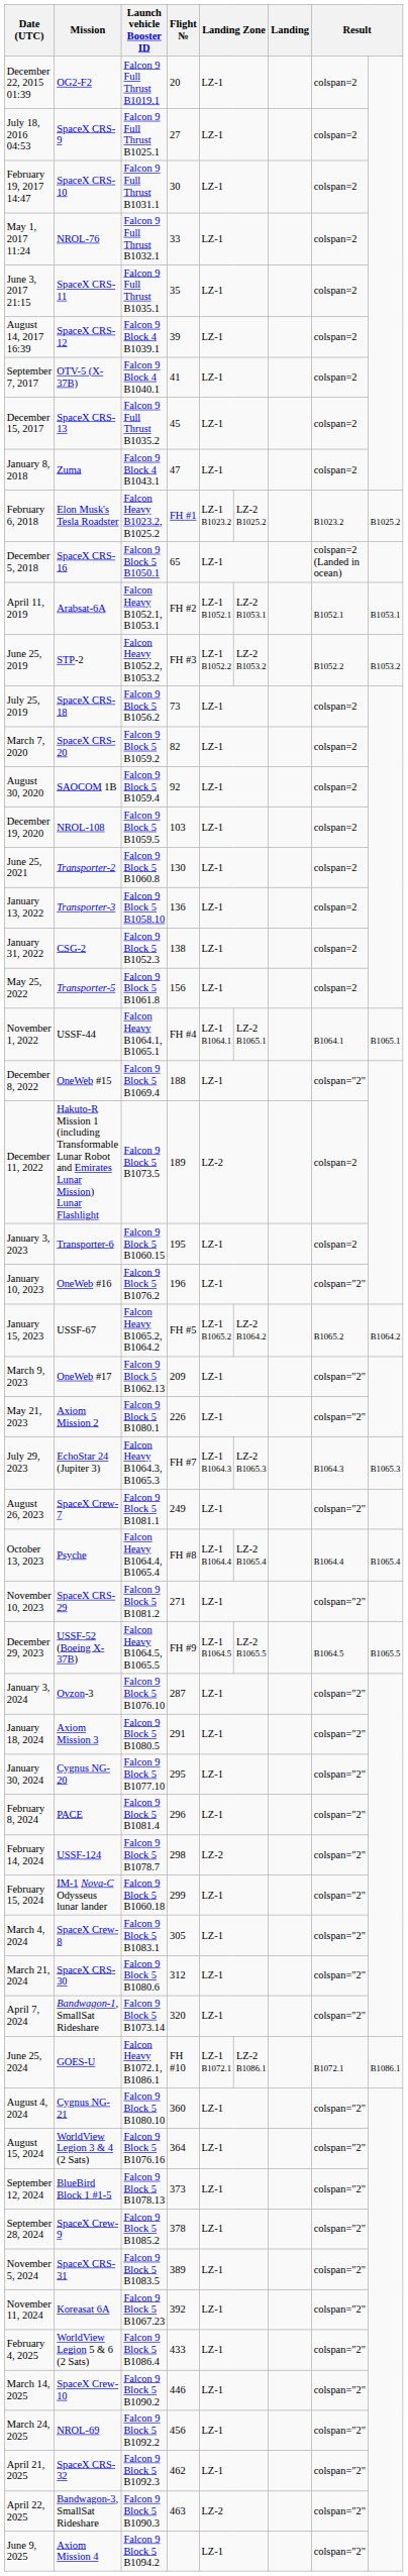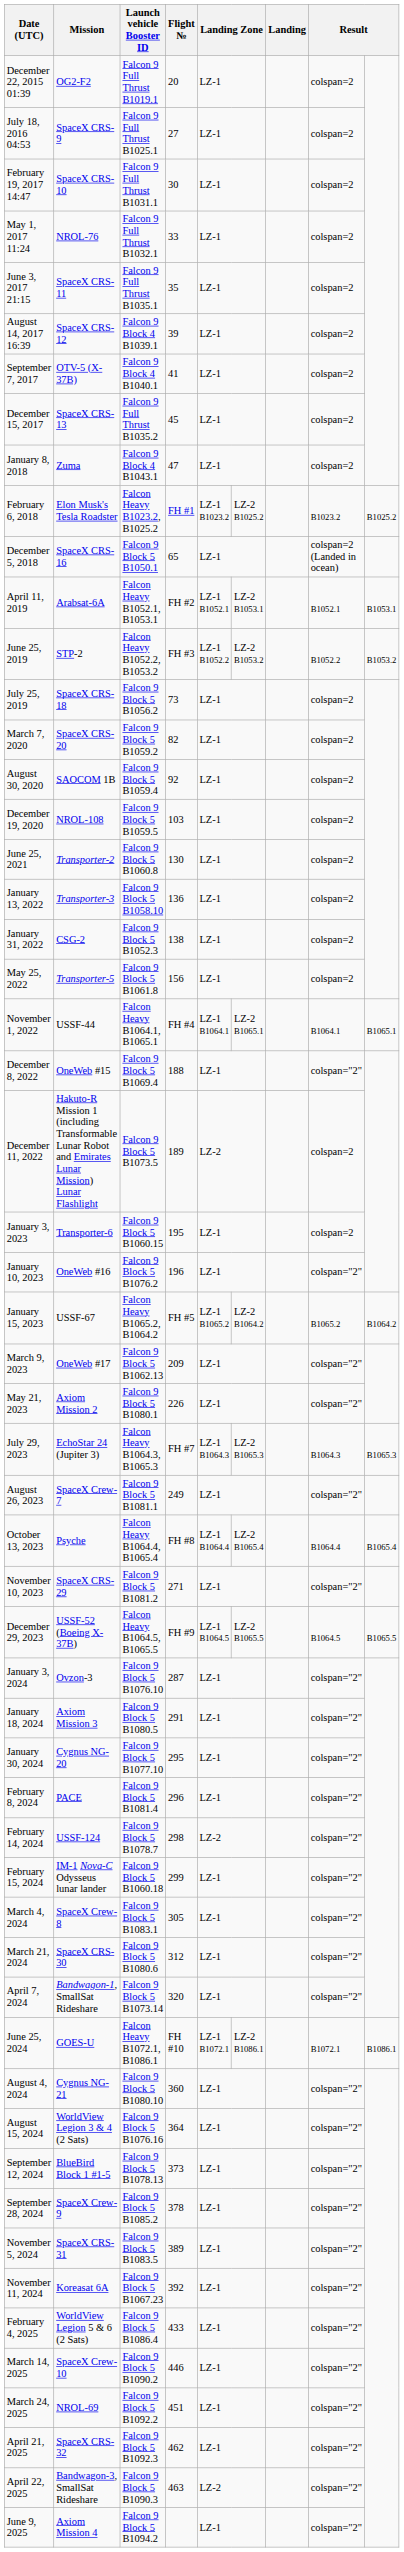 <table class="wikitable sortable sticky-header">
 <tr>
 <th scope="col">Date (UTC)</th>
 <th scope="col">Mission</th>
 <th scope="col">Launch vehicle <br> <a href='#'>Booster ID</a></th>
 <th scope="col">Flight №</th>
 <th colspan=2 scope="col">Landing Zone</th>
 <th scope="col">Landing</th>
 <th colspan=2 scope="col">Result</th>
 </tr>
 <tr>
 <td>December 22, 2015 01:39</td>
 <td><a href='#'>OG2-F2</a></td>
 <td><a href='#'>Falcon 9 Full Thrust</a> <br> <a href='#'>B1019.1</a></td>
 <td>20</td>
 <td colspan=2>LZ-1</td>
 <td></td>
 <td>colspan=2 </td>
 </tr>
 <tr>
 <td>July 18, 2016 04:53</td>
 <td><a href='#'>SpaceX CRS-9</a></td>
 <td><a href='#'>Falcon 9 Full Thrust</a> <br> B1025.1</td>
 <td>27</td>
 <td colspan=2>LZ-1</td>
 <td></td>
 <td>colspan=2 </td>
 </tr>
 <tr>
 <td>February 19, 2017 14:47</td>
 <td><a href='#'>SpaceX CRS-10</a></td>
 <td><a href='#'>Falcon 9 Full Thrust</a> <br> B1031.1</td>
 <td>30</td>
 <td colspan=2>LZ-1</td>
 <td></td>
 <td>colspan=2 </td>
 </tr>
 <tr>
 <td>May 1, 2017 11:24</td>
 <td><a href='#'>NROL-76</a></td>
 <td><a href='#'>Falcon 9 Full Thrust</a> <br> B1032.1</td>
 <td>33</td>
 <td colspan=2>LZ-1</td>
 <td></td>
 <td>colspan=2 </td>
 </tr>
 <tr>
 <td>June 3, 2017 21:15</td>
 <td><a href='#'>SpaceX CRS-11</a></td>
 <td><a href='#'>Falcon 9 Full Thrust</a> <br> B1035.1</td>
 <td>35</td>
 <td colspan=2>LZ-1</td>
 <td></td>
 <td>colspan=2 </td>
 </tr>
 <tr>
 <td>August 14, 2017 16:39</td>
 <td><a href='#'>SpaceX CRS-12</a></td>
 <td><a href='#'>Falcon 9 Block 4</a> <br> B1039.1</td>
 <td>39</td>
 <td colspan=2>LZ-1</td>
 <td></td>
 <td>colspan=2 </td>
 </tr>
 <tr>
 <td>September 7, 2017</td>
 <td><a href='#'>OTV-5 (X-37B)</a></td>
 <td><a href='#'>Falcon 9 Block 4</a> <br> B1040.1</td>
 <td>41</td>
 <td colspan=2>LZ-1</td>
 <td></td>
 <td>colspan=2 </td>
 </tr>
 <tr>
 <td>December 15, 2017</td>
 <td><a href='#'>SpaceX CRS-13</a></td>
 <td><a href='#'>Falcon 9 Full Thrust</a> <br> B1035.2</td>
 <td>45</td>
 <td colspan=2>LZ-1</td>
 <td></td>
 <td>colspan=2 </td>
 </tr>
 <tr>
 <td>January 8, 2018</td>
 <td><a href='#'>Zuma</a></td>
 <td><a href='#'>Falcon 9 Block 4</a> <br> B1043.1</td>
 <td>47</td>
 <td colspan=2>LZ-1</td>
 <td></td>
 <td>colspan=2 </td>
 </tr>
 <tr>
 <td>February 6, 2018</td>
 <td><a href='#'>Elon Musk's Tesla Roadster</a></td>
 <td><a href='#'>Falcon Heavy</a> <br> <a href='#'>B1023.2</a>, B1025.2</td>
 <td><a href='#'>FH #1</a></td>
 <td>LZ-1 <br><small> B1023.2 </small></td>
 <td>LZ-2 <br><small> B1025.2 </small></td>
 <td></td>
 <td> <br> <small>B1023.2</small></td>
 <td> <br> <small>B1025.2</small></td>
 </tr>
 <tr>
 <td>December 5, 2018</td>
 <td><a href='#'>SpaceX CRS-16</a></td>
 <td><a href='#'>Falcon 9 Block 5</a> <br> <a href='#'>B1050.1</a></td>
 <td>65</td>
 <td colspan=2>LZ-1</td>
 <td></td>
 <td>colspan=2 <br>(Landed in ocean)</td>
 </tr>
 <tr>
 <td>April 11, 2019</td>
 <td><a href='#'>Arabsat-6A</a></td>
 <td><a href='#'>Falcon Heavy</a> <br> B1052.1, B1053.1</td>
 <td>FH #2</td>
 <td>LZ-1 <br><small> B1052.1 </small></td>
 <td>LZ-2 <br><small> B1053.1 </small></td>
 <td></td>
 <td> <br> <small>B1052.1</small></td>
 <td> <br> <small>B1053.1</small></td>
 </tr>
 <tr>
 <td>June 25, 2019</td>
 <td><a href='#'>STP</a>-2</td>
 <td><a href='#'>Falcon Heavy</a> <br> B1052.2, B1053.2</td>
 <td>FH #3</td>
 <td>LZ-1 <br><small> B1052.2 </small></td>
 <td>LZ-2 <br><small> B1053.2 </small></td>
 <td></td>
 <td> <br> <small>B1052.2</small></td>
 <td> <br> <small>B1053.2</small></td>
 </tr>
 <tr>
 <td>July 25, 2019</td>
 <td><a href='#'>SpaceX CRS-18</a></td>
 <td><a href='#'>Falcon 9 Block 5</a><br>B1056.2</td>
 <td>73</td>
 <td colspan="2">LZ-1</td>
 <td></td>
 <td>colspan=2 </td>
 </tr>
 <tr>
 <td>March 7, 2020</td>
 <td><a href='#'>SpaceX CRS-20</a></td>
 <td><a href='#'>Falcon 9 Block 5</a><br>B1059.2</td>
 <td>82</td>
 <td colspan="2">LZ-1</td>
 <td></td>
 <td>colspan=2 </td>
 </tr>
 <tr>
 <td>August 30, 2020</td>
 <td><a href='#'>SAOCOM</a> 1B</td>
 <td><a href='#'>Falcon 9 Block 5</a><br>B1059.4</td>
 <td>92</td>
 <td colspan="2">LZ-1</td>
 <td></td>
 <td>colspan=2 </td>
 </tr>
 <tr>
 <td>December 19, 2020</td>
 <td><a href='#'>NROL-108</a></td>
 <td><a href='#'>Falcon 9 Block 5</a><br>B1059.5</td>
 <td>103</td>
 <td colspan="2">LZ-1</td>
 <td></td>
 <td>colspan=2 </td>
 </tr>
 <tr>
 <td>June 25, 2021</td>
 <td><a href='#'><em>Transporter-2</em></a></td>
 <td><a href='#'>Falcon 9 Block 5</a><br>B1060.8</td>
 <td>130</td>
 <td colspan="2">LZ-1</td>
 <td></td>
 <td>colspan=2 </td>
 </tr>
 <tr>
 <td>January 13, 2022</td>
 <td><a href='#'><em>Transporter-3</em></a></td>
 <td><a href='#'>Falcon 9 Block 5</a><br><a href='#'>B1058.10</a></td>
 <td>136</td>
 <td colspan="2">LZ-1</td>
 <td></td>
 <td>colspan=2 </td>
 </tr>
 <tr>
 <td>January 31, 2022</td>
 <td><a href='#'>CSG-2</a></td>
 <td><a href='#'>Falcon 9 Block 5</a><br>B1052.3</td>
 <td>138</td>
 <td colspan="2">LZ-1</td>
 <td></td>
 <td>colspan=2 </td>
 </tr>
 <tr>
 <td>May 25, 2022</td>
 <td><a href='#'><em>Transporter-5</em></a></td>
 <td><a href='#'>Falcon 9 Block 5</a><br>B1061.8</td>
 <td>156</td>
 <td colspan="2">LZ-1</td>
 <td></td>
 <td>colspan=2 </td>
 </tr>
 <tr>
 <td>November 1, 2022</td>
 <td>USSF-44</td>
 <td><a href='#'>Falcon Heavy</a> <br>B1064.1, B1065.1</td>
 <td>FH #4</td>
 <td>LZ-1 <br><small> B1064.1 </small></td>
 <td>LZ-2 <br><small> B1065.1 </small></td>
 <td></td>
 <td> <br> <small>B1064.1</small></td>
 <td> <br> <small>B1065.1</small></td>
 </tr>
 <tr>
 <td>December 8, 2022</td>
 <td><a href='#'>OneWeb</a> #15</td>
 <td><a href='#'>Falcon 9 Block 5</a><br>B1069.4</td>
 <td>188</td>
 <td colspan="2">LZ-1</td>
 <td></td>
 <td>colspan="2" </td>
 </tr>
 <tr>
 <td>December 11, 2022</td>
 <td><a href='#'>Hakuto-R</a> Mission 1<br>(including Transformable Lunar Robot and <a href='#'>Emirates Lunar Mission</a>)<br><a href='#'>Lunar Flashlight</a></td>
 <td><a href='#'>Falcon 9 Block 5</a><br>B1073.5</td>
 <td>189</td>
 <td colspan="2">LZ-2</td>
 <td></td>
 <td>colspan=2 </td>
 </tr>
 <tr>
 <td>January 3, 2023</td>
 <td><a href='#'>Transporter-6</a></td>
 <td><a href='#'>Falcon 9 Block 5</a><br>B1060.15</td>
 <td>195</td>
 <td colspan="2">LZ-1</td>
 <td></td>
 <td>colspan=2 </td>
 </tr>
 <tr>
 <td>January 10, 2023</td>
 <td><a href='#'>OneWeb</a> #16</td>
 <td><a href='#'>Falcon 9 Block 5</a><br>B1076.2</td>
 <td>196</td>
 <td colspan="2">LZ-1</td>
 <td></td>
 <td>colspan="2" </td>
 </tr>
 <tr>
 <td>January 15, 2023</td>
 <td>USSF-67</td>
 <td><a href='#'>Falcon Heavy</a> <br>B1065.2, B1064.2</td>
 <td>FH #5</td>
 <td>LZ-1  <br><small>B1065.2</small></td>
 <td>LZ-2  <br><small>B1064.2</small></td>
 <td></td>
 <td> <br> <small>B1065.2</small></td>
 <td> <br> <small>B1064.2</small></td>
 </tr>
 <tr>
 <td>March 9, 2023</td>
 <td><a href='#'>OneWeb</a> #17</td>
 <td><a href='#'>Falcon 9 Block 5</a><br>B1062.13</td>
 <td>209</td>
 <td colspan="2">LZ-1</td>
 <td></td>
 <td>colspan="2" </td>
 </tr>
 <tr>
 <td>May 21, 2023</td>
 <td><a href='#'>Axiom Mission 2</a></td>
 <td><a href='#'>Falcon 9 Block 5</a><br>B1080.1</td>
 <td>226</td>
 <td colspan="2">LZ-1</td>
 <td></td>
 <td>colspan="2" </td>
 </tr>
 <tr>
 <td>July 29, 2023</td>
 <td><a href='#'>EchoStar 24</a> (Jupiter 3)</td>
 <td><a href='#'>Falcon Heavy</a><br>B1064.3, B1065.3</td>
 <td>FH #7</td>
 <td>LZ-1<br><small>B1064.3</small></td>
 <td>LZ-2<br><small>B1065.3</small></td>
 <td></td>
 <td> <br> <small>B1064.3</small></td>
 <td> <br> <small>B1065.3</small></td>
 </tr>
 <tr>
 <td>August 26, 2023</td>
 <td><a href='#'>SpaceX Crew-7</a></td>
 <td><a href='#'>Falcon 9 Block 5</a><br>B1081.1</td>
 <td>249</td>
 <td colspan="2">LZ-1</td>
 <td></td>
 <td>colspan="2" </td>
 </tr>
 <tr>
 <td>October 13, 2023</td>
 <td><a href='#'>Psyche</a></td>
 <td><a href='#'>Falcon Heavy</a><br>B1064.4, B1065.4</td>
 <td>FH #8</td>
 <td>LZ-1<br><small>B1064.4</small></td>
 <td>LZ-2<br><small>B1065.4</small></td>
 <td></td>
 <td> <br> <small>B1064.4</small></td>
 <td> <br> <small>B1065.4</small></td>
 </tr>
 <tr>
 <td>November 10, 2023</td>
 <td><a href='#'>SpaceX CRS-29</a></td>
 <td><a href='#'>Falcon 9 Block 5</a><br>B1081.2</td>
 <td>271</td>
 <td colspan="2">LZ-1</td>
 <td></td>
 <td>colspan="2" </td>
 </tr>
 <tr>
 <td>December 29, 2023</td>
 <td><a href='#'>USSF-52</a> (<a href='#'>Boeing X-37B</a>)</td>
 <td><a href='#'>Falcon Heavy</a><br>B1064.5, B1065.5</td>
 <td>FH #9</td>
 <td>LZ-1<br><small>B1064.5</small></td>
 <td>LZ-2<br><small>B1065.5</small></td>
 <td></td>
 <td> <br> <small>B1064.5</small></td>
 <td> <br> <small>B1065.5</small></td>
 </tr>
 <tr>
 <td>January 3, 2024</td>
 <td><a href='#'>Ovzon</a>-3</td>
 <td><a href='#'>Falcon 9 Block 5</a><br>B1076.10</td>
 <td>287</td>
 <td colspan="2">LZ-1</td>
 <td></td>
 <td>colspan="2" </td>
 </tr>
 <tr>
 <td>January 18, 2024</td>
 <td><a href='#'>Axiom Mission 3</a></td>
 <td><a href='#'>Falcon 9 Block 5</a><br>B1080.5</td>
 <td>291</td>
 <td colspan="2">LZ-1</td>
 <td></td>
 <td>colspan="2" </td>
 </tr>
 <tr>
 <td>January 30, 2024</td>
 <td><a href='#'>Cygnus NG-20</a></td>
 <td><a href='#'>Falcon 9 Block 5</a><br>B1077.10</td>
 <td>295</td>
 <td colspan="2">LZ-1</td>
 <td></td>
 <td>colspan="2" </td>
 </tr>
 <tr>
 <td>February 8, 2024</td>
 <td><a href='#'>PACE</a></td>
 <td><a href='#'>Falcon 9 Block 5</a><br>B1081.4</td>
 <td>296</td>
 <td colspan="2">LZ-1</td>
 <td></td>
 <td>colspan="2" </td>
 </tr>
 <tr>
 <td>February 14, 2024</td>
 <td><a href='#'>USSF-124</a></td>
 <td><a href='#'>Falcon 9 Block 5</a><br>B1078.7</td>
 <td>298</td>
 <td colspan="2">LZ-2</td>
 <td></td>
 <td>colspan="2" </td>
 </tr>
 <tr>
 <td>February 15, 2024</td>
 <td><a href='#'>IM-1</a> <em><a href='#'>Nova-C</a></em> Odysseus lunar lander</td>
 <td><a href='#'>Falcon 9 Block 5</a><br>B1060.18</td>
 <td>299</td>
 <td colspan="2">LZ-1</td>
 <td></td>
 <td>colspan="2" </td>
 </tr>
 <tr>
 <td>March 4, 2024</td>
 <td><a href='#'>SpaceX Crew-8</a></td>
 <td><a href='#'>Falcon 9 Block 5</a><br>B1083.1</td>
 <td>305</td>
 <td colspan="2">LZ-1</td>
 <td></td>
 <td>colspan="2" </td>
 </tr>
 <tr>
 <td>March 21, 2024</td>
 <td><a href='#'>SpaceX CRS-30</a></td>
 <td><a href='#'>Falcon 9 Block 5</a><br>B1080.6</td>
 <td>312</td>
 <td colspan="2">LZ-1</td>
 <td></td>
 <td>colspan="2" </td>
 </tr>
 <tr>
 <td>April 7, 2024</td>
 <td><em><a href='#'>Bandwagon-1</a></em>, SmallSat Rideshare</td>
 <td><a href='#'>Falcon 9 Block 5</a><br>B1073.14</td>
 <td>320</td>
 <td colspan="2">LZ-1</td>
 <td></td>
 <td>colspan="2" </td>
 </tr>
 <tr>
 <td>June 25, 2024</td>
 <td><a href='#'>GOES-U</a></td>
 <td><a href='#'>Falcon Heavy</a><br>B1072.1, B1086.1</td>
 <td>FH #10</td>
 <td>LZ-1<br><small>B1072.1</small></td>
 <td>LZ-2<br><small>B1086.1</small></td>
 <td></td>
 <td> <br> <small>B1072.1</small></td>
 <td> <br> <small>B1086.1</small></td>
 </tr>
 <tr>
 <td>August 4, 2024</td>
 <td><a href='#'>Cygnus NG-21</a></td>
 <td><a href='#'>Falcon 9 Block 5</a><br>B1080.10</td>
 <td>360</td>
 <td colspan="2">LZ-1</td>
 <td></td>
 <td>colspan="2" </td>
 </tr>
 <tr>
 <td>August 15, 2024</td>
 <td><a href='#'>WorldView Legion 3 & 4</a> (2 Sats)</td>
 <td><a href='#'>Falcon 9 Block 5</a><br>B1076.16</td>
 <td>364</td>
 <td colspan="2">LZ-1</td>
 <td></td>
 <td>colspan="2" </td>
 </tr>
 <tr>
 <td>September 12, 2024</td>
 <td><a href='#'>BlueBird Block 1 #1-5</a></td>
 <td><a href='#'>Falcon 9 Block 5</a><br>B1078.13</td>
 <td>373</td>
 <td colspan="2">LZ-1</td>
 <td></td>
 <td>colspan="2" </td>
 </tr>
 <tr>
 <td>September 28, 2024</td>
 <td><a href='#'>SpaceX Crew-9</a></td>
 <td><a href='#'>Falcon 9 Block 5</a><br>B1085.2</td>
 <td>378</td>
 <td colspan="2">LZ-1</td>
 <td></td>
 <td>colspan="2" </td>
 </tr>
 <tr>
 <td>November 5, 2024</td>
 <td><a href='#'>SpaceX CRS-31</a></td>
 <td><a href='#'>Falcon 9 Block 5</a><br>B1083.5</td>
 <td>389</td>
 <td colspan="2">LZ-1</td>
 <td></td>
 <td>colspan="2" </td>
 </tr>
 <tr>
 <td>November 11, 2024</td>
 <td><a href='#'>Koreasat 6A</a></td>
 <td><a href='#'>Falcon 9 Block 5</a><br>B1067.23</td>
 <td>392</td>
 <td colspan="2">LZ-1</td>
 <td></td>
 <td>colspan="2" </td>
 </tr>
 <tr>
 <td>February 4, 2025</td>
 <td><a href='#'>WorldView Legion</a> 5 & 6 (2 Sats)</td>
 <td><a href='#'>Falcon 9 Block 5</a><br>B1086.4</td>
 <td>433</td>
 <td colspan="2">LZ-1</td>
 <td></td>
 <td>colspan="2" </td>
 </tr>
 <tr>
 <td>March 14, 2025</td>
 <td><a href='#'>SpaceX Crew-10</a></td>
 <td><a href='#'>Falcon 9 Block 5</a><br>B1090.2</td>
 <td>446</td>
 <td colspan="2">LZ-1</td>
 <td></td>
 <td>colspan="2" </td>
 </tr>
 <tr>
 <td>March 24, 2025</td>
 <td><a href='#'>NROL-69</a></td>
 <td><a href='#'>Falcon 9 Block 5</a><br>B1092.2</td>
-<td>456</td>
+<td>451</td>
 <td colspan="2">LZ-1</td>
 <td></td>
 <td>colspan="2" </td>
 </tr>
 <tr>
 <td>April 21, 2025</td>
 <td><a href='#'>SpaceX CRS-32</a></td>
 <td><a href='#'>Falcon 9 Block 5</a><br>B1092.3</td>
 <td>462</td>
 <td colspan="2">LZ-1</td>
 <td></td>
 <td>colspan="2" </td>
 </tr>
 <tr>
 <td>April 22, 2025</td>
 <td><a href='#'>Bandwagon-3</a>, SmallSat Rideshare</td>
 <td><a href='#'>Falcon 9 Block 5</a><br>B1090.3</td>
 <td>463</td>
 <td colspan="2">LZ-2</td>
 <td></td>
 <td>colspan="2" </td>
 </tr>
 <tr>
 <td>June 9, 2025</td>
 <td><a href='#'>Axiom Mission 4</a></td>
 <td><a href='#'>Falcon 9 Block 5</a><br>B1094.2</td>
 <td></td>
 <td colspan="2">LZ-1</td>
 <td></td>
 <td>colspan="2" </td>
 </tr>
 </table>
